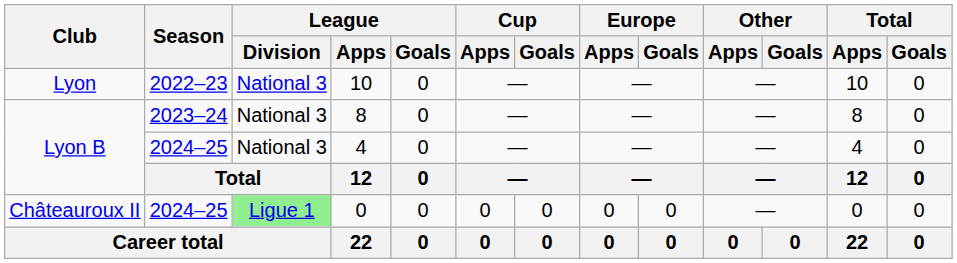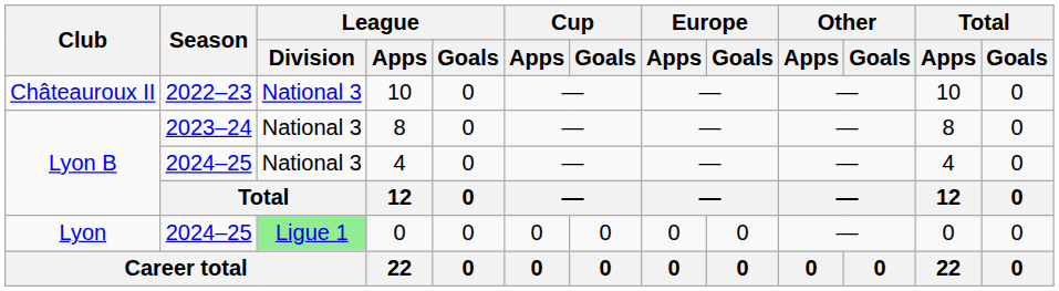 <table class="wikitable" style="text-align: center;">
 <tr>
 <th rowspan="2">Club</th>
 <th rowspan="2">Season</th>
 <th colspan="3">League</th>
 <th colspan="2">Cup</th>
 <th colspan="2">Europe</th>
 <th colspan="2">Other</th>
 <th colspan="2">Total</th>
 </tr>
 <tr>
 <th>Division</th>
 <th>Apps</th>
 <th>Goals</th>
 <th>Apps</th>
 <th>Goals</th>
 <th>Apps</th>
 <th>Goals</th>
 <th>Apps</th>
 <th>Goals</th>
 <th>Apps</th>
 <th>Goals</th>
 </tr>
 <tr>
-<td><a href='#'>Lyon</a></td>
+<td><a href='#'>Châteauroux II</a></td>
 <td><a href='#'>2022–23</a></td>
 <td><a href='#'>National 3</a></td>
 <td>10</td>
 <td>0</td>
 <td colspan="2">—</td>
 <td colspan="2">—</td>
 <td colspan="2">—</td>
 <td>10</td>
 <td>0</td>
 </tr>
 <tr>
 <td rowspan="3"><a href='#'>Lyon B</a></td>
 <td><a href='#'>2023–24</a></td>
 <td>National 3</td>
 <td>8</td>
 <td>0</td>
 <td colspan="2">—</td>
 <td colspan="2">—</td>
 <td colspan="2">—</td>
 <td>8</td>
 <td>0</td>
 </tr>
 <tr>
 <td><a href='#'>2024–25</a></td>
 <td>National 3</td>
 <td>4</td>
 <td>0</td>
 <td colspan="2">—</td>
 <td colspan="2">—</td>
 <td colspan="2">—</td>
 <td>4</td>
 <td>0</td>
 </tr>
 <tr>
 <th colspan="2">Total</th>
 <th>12</th>
 <th>0</th>
 <th colspan="2">—</th>
 <th colspan="2">—</th>
 <th colspan="2">—</th>
 <th>12</th>
 <th>0</th>
 </tr>
 <tr>
-<td><a href='#'>Châteauroux II</a></td>
+<td><a href='#'>Lyon</a></td>
 <td><a href='#'>2024–25</a></td>
 <td style="background: lightgreen;"><a href='#'>Ligue 1</a></td>
 <td>0</td>
 <td>0</td>
 <td>0</td>
 <td>0</td>
 <td>0</td>
 <td>0</td>
 <td colspan="2">—</td>
 <td>0</td>
 <td>0</td>
 </tr>
 <tr>
 <th colspan="3">Career total</th>
 <th>22</th>
 <th>0</th>
 <th>0</th>
 <th>0</th>
 <th>0</th>
 <th>0</th>
 <th>0</th>
 <th>0</th>
 <th>22</th>
 <th>0</th>
 </tr>
 </table>
